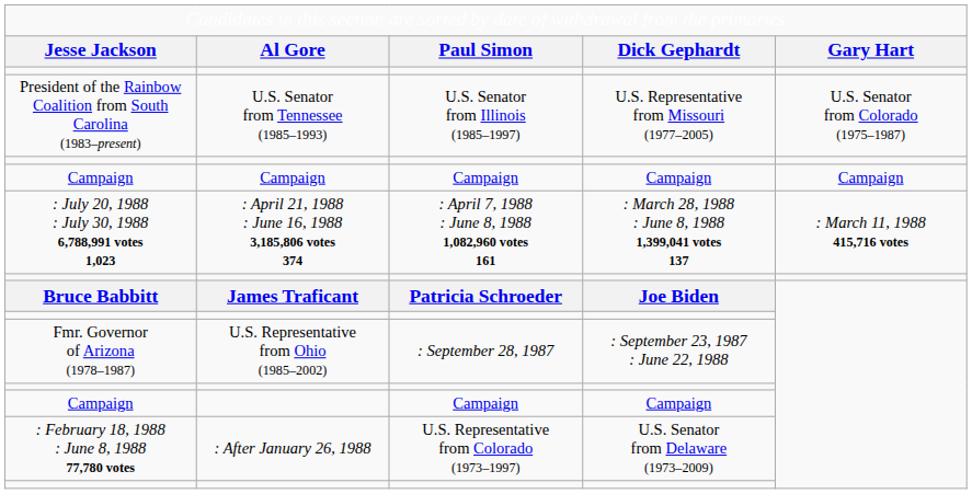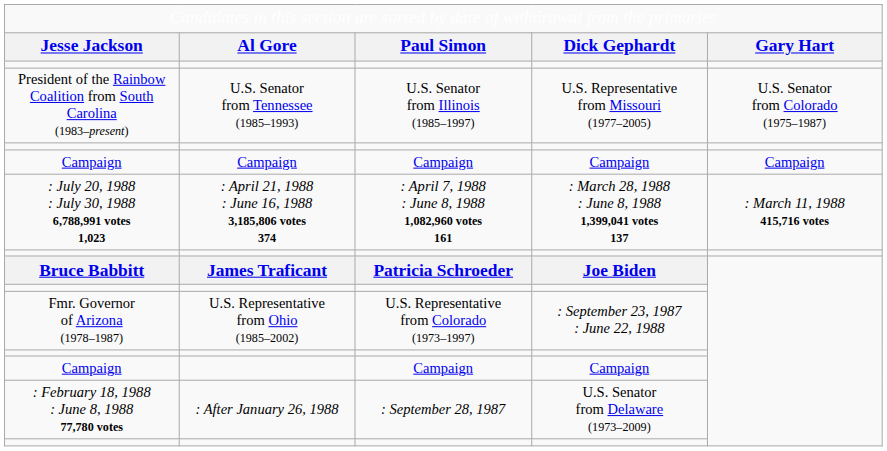 <table class="wikitable mw-collapsible mw-collapsed" style="font-size:90%;">
 <tr>
 <td colspan="9" style="text-align:center; width:700px; font-size:120%; color:white; background:"><em>Candidates in this section are sorted by date of withdrawal from the primaries</em></td>
 </tr>
 <tr style="text-align:center">
 <th scope="col" style="width:10em; font-size:120%;"><a href='#'>Jesse Jackson</a></th>
 <th scope="col" style="width:10em; font-size:120%;"><a href='#'>Al Gore</a></th>
 <th scope="col" style="width:10em; font-size:120%;"><a href='#'>Paul Simon</a></th>
 <th scope="col" style="width:10em; font-size:120%;"><a href='#'>Dick Gephardt</a></th>
 <th scope="col" style="width:10em; font-size:120%;"><a href='#'>Gary Hart</a></th>
 </tr>
 <tr style="text-align:center">
 <td></td>
 <td></td>
 <td></td>
 <td></td>
 <td></td>
 </tr>
 <tr style="text-align:center">
 <td>President of the <a href='#'>Rainbow Coalition</a> from <a href='#'>South Carolina</a><br> <small>(1983–<em>present</em>)</small></td>
 <td>U.S. Senator<br>from <a href='#'>Tennessee</a><br><small>(1985–1993)</small></td>
 <td>U.S. Senator<br>from <a href='#'>Illinois</a><br><small>(1985–1997)</small></td>
 <td>U.S. Representative<br>from <a href='#'>Missouri</a><br><small>(1977–2005)</small></td>
 <td>U.S. Senator<br>from <a href='#'>Colorado</a><br><small>(1975–1987)</small></td>
 </tr>
 <tr style="text-align:center">
 <td></td>
 <td></td>
 <td></td>
 <td></td>
 <td></td>
 </tr>
 <tr style="text-align:center">
 <td><a href='#'>Campaign</a></td>
 <td><a href='#'>Campaign</a></td>
 <td><a href='#'>Campaign</a></td>
 <td><a href='#'>Campaign</a></td>
 <td><a href='#'>Campaign</a></td>
 </tr>
 <tr style="text-align:center">
 <td><em>: July 20, 1988</em><br><em>: July 30, 1988</em><br><small><strong>6,788,991 votes</strong><br><strong>1,023 </strong></small></td>
 <td><em>: April 21, 1988</em><br><em>: June 16, 1988</em><br><small><strong>3,185,806 votes</strong><br><strong>374 </strong></small></td>
 <td><em>: April 7, 1988</em><br><em>: June 8, 1988</em><br><small><strong>1,082,960 votes</strong><br><strong>161 </strong></small></td>
 <td><em>: March 28, 1988</em><br><em>: June 8, 1988</em><br><small><strong>1,399,041 votes</strong><br><strong>137 </strong></small></td>
 <td><em>: March 11, 1988</em><br><small><strong>415,716 votes</strong></small></td>
 </tr>
 <tr>
 <td></td>
 <td></td>
 <td></td>
 <td></td>
 <td></td>
 </tr>
 <tr style="text-align:center">
 <th scope="col" style="width:10em; font-size:120%;"><a href='#'>Bruce Babbitt</a></th>
 <th scope="col" style="width:10em; font-size:120%;"><a href='#'>James Traficant</a></th>
 <th scope="col" style="width:10em; font-size:120%;"><a href='#'>Patricia Schroeder</a></th>
 <th scope="col" style="width:10em; font-size:120%;"><a href='#'>Joe Biden</a></th>
 </tr>
 <tr style="text-align:center">
 <td></td>
 <td></td>
 <td></td>
 <td></td>
 </tr>
 <tr style="text-align:center">
 <td>Fmr. Governor<br>of <a href='#'>Arizona</a><br><small>(1978–1987)</small></td>
 <td>U.S. Representative<br>from <a href='#'>Ohio</a><br><small>(1985–2002)</small></td>
-<td><em>: September 28, 1987</em></td>
+<td>U.S. Representative<br>from <a href='#'>Colorado</a><br><small>(1973–1997)</small></td>
 <td><em>: September 23, 1987</em><br><em>: June 22, 1988</em></td>
 </tr>
 <tr style="text-align:center">
 <td></td>
 <td></td>
 <td></td>
 <td></td>
 </tr>
 <tr style="text-align:center">
 <td><a href='#'>Campaign</a></td>
 <td></td>
 <td><a href='#'>Campaign</a></td>
 <td><a href='#'>Campaign</a></td>
 </tr>
 <tr style="text-align:center">
 <td><em>: February 18, 1988</em><br><em>: June 8, 1988</em><br><small><strong>77,780 votes</strong></small></td>
 <td><em>: After January 26, 1988</em></td>
-<td>U.S. Representative<br>from <a href='#'>Colorado</a><br><small>(1973–1997)</small></td>
+<td><em>: September 28, 1987</em></td>
 <td>U.S. Senator<br>from <a href='#'>Delaware</a><br><small>(1973–2009)</small></td>
 </tr>
 <tr>
 <td></td>
 <td></td>
 <td></td>
 <td></td>
 </tr>
 </table>
